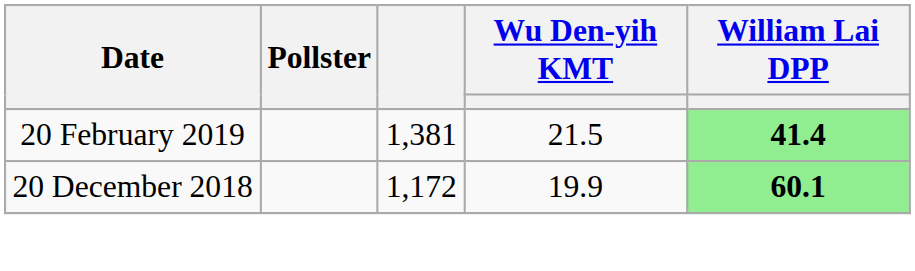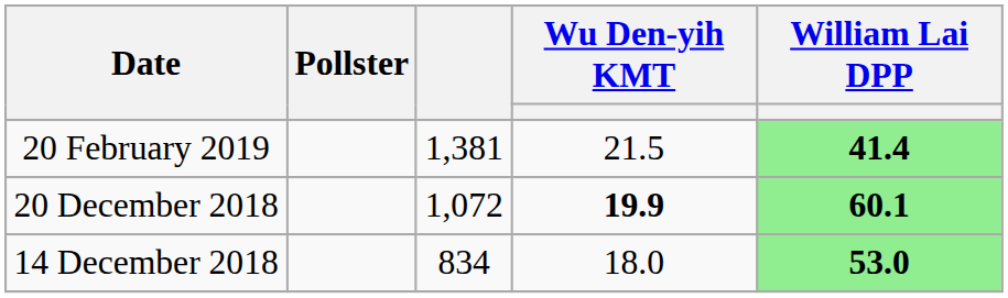 <table class="wikitable sortable collapsible" style="font-size:95%; text-align:center">
 <tr>
 <th rowspan=2>Date</th>
 <th rowspan=2>Pollster</th>
 <th rowspan=2></th>
 <th width=100px><a href='#'>Wu Den-yih</a><br><a href='#'>KMT</a></th>
 <th width=100px><a href='#'>William Lai</a><br><a href='#'>DPP</a></th>
 </tr>
 <tr>
 <th style="background:"></th>
 <th style="background:"></th>
 </tr>
 <tr>
 <td>20 February 2019</td>
 <td></td>
 <td>1,381</td>
 <td>21.5</td>
 <td style="background-color:lightgreen;"><strong>41.4</strong></td>
 </tr>
 <tr>
 <td>20 December 2018</td>
 <td></td>
-<td>1,172</td>
-<td>19.9</td>
+<td>1,072</td>
+<td><strong>19.9</strong></td>
 <td style="background-color:lightgreen;"><strong>60.1</strong></td>
+</tr>
+<tr>
+<td>14 December 2018</td>
+<td></td>
+<td>834</td>
+<td>18.0</td>
+<td style="background-color:lightgreen;"><strong>53.0</strong></td>
 </tr>
 <tr>
 </tr>
 </table>
